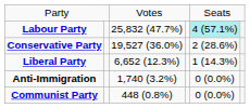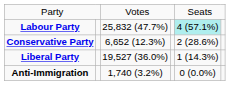 <table class=wikitable style="text-align:center;">
 <tr>
 <td colspan=2>Party</td>
 <td colspan=2>Votes</td>
 <td colspan=2>Seats</td>
 </tr>
 <tr>
 <td><strong><a href='#'>Labour Party</a></strong></td>
 <td style="background:"></td>
 <td>25,832 (47.7%)</td>
 <td></td>
 <td style="background: paleturquoise;">4 (57.1%)</td>
 <td></td>
 </tr>
 <tr>
 <td><strong><a href='#'>Conservative Party</a></strong></td>
 <td style="background:"></td>
-<td>19,527 (36.0%)</td>
+<td>6,652 (12.3%)</td>
 <td></td>
 <td>2 (28.6%)</td>
 <td></td>
 </tr>
 <tr>
 <td><strong><a href='#'>Liberal Party</a></strong></td>
 <td style="background:"></td>
-<td>6,652 (12.3%)</td>
+<td>19,527 (36.0%)</td>
 <td></td>
 <td>1 (14.3%)</td>
 <td></td>
 </tr>
 <tr>
 <td><strong>Anti-Immigration</strong></td>
 <td style="background:"></td>
 <td>1,740 (3.2%)</td>
 <td></td>
 <td>0 (0.0%)</td>
 <td></td>
 </tr>
-<tr>
-<td><strong><a href='#'>Communist Party</a></strong></td>
-<td style="background:"></td>
-<td>448 (0.8%)</td>
-<td></td>
-<td>0 (0.0%)</td>
-<td></td>
-</tr>
 </table>
